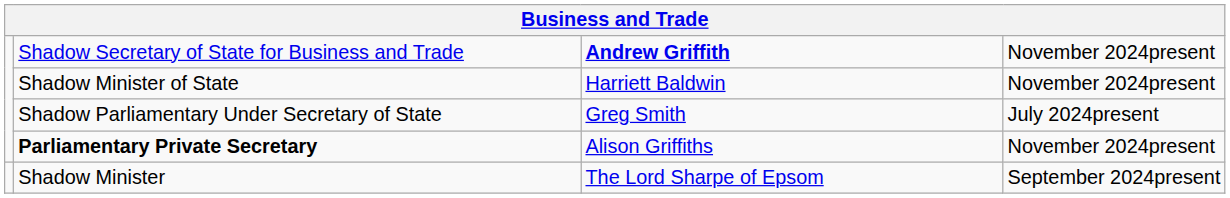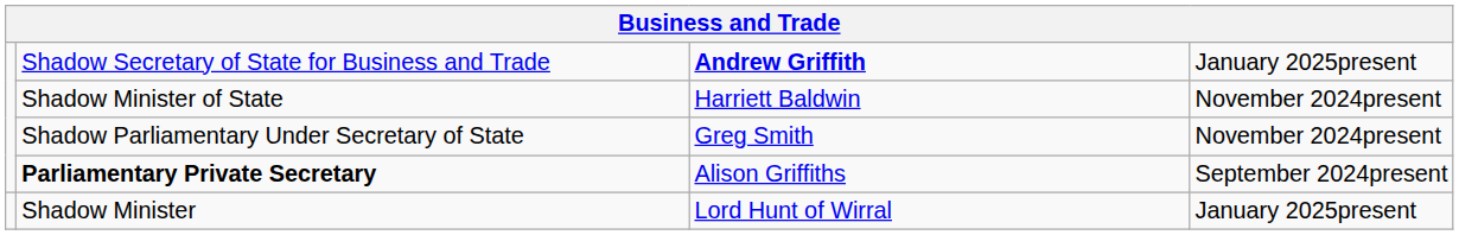 <table class="wikitable">
 <tr>
 <th colspan="4"><a href='#'>Business and Trade</a></th>
 </tr>
 <tr>
 <td rowspan="4" style="background: "></td>
 <td style="width: 450px;"><a href='#'>Shadow Secretary of State for Business and Trade</a></td>
 <td style="width: 333px;"><strong><a href='#'>Andrew Griffith</a></strong></td>
-<td>November 2024present</td>
+<td>January 2025present</td>
 </tr>
 <tr>
 <td>Shadow Minister of State</td>
 <td><a href='#'>Harriett Baldwin</a></td>
 <td>November 2024present</td>
 </tr>
 <tr>
 <td>Shadow Parliamentary Under Secretary of State</td>
 <td><a href='#'>Greg Smith</a></td>
-<td>July 2024present</td>
+<td>November 2024present</td>
 </tr>
 <tr>
 <td><strong>Parliamentary Private Secretary</strong></td>
 <td><a href='#'>Alison Griffiths</a></td>
-<td>November 2024present</td>
+<td>September 2024present</td>
 </tr>
 <tr>
 <td style="background: "></td>
 <td>Shadow Minister</td>
-<td><a href='#'>The Lord Sharpe of Epsom</a></td>
-<td>September 2024present</td>
+<td><a href='#'>Lord Hunt of Wirral</a></td>
+<td>January 2025present</td>
 </tr>
 </table>
